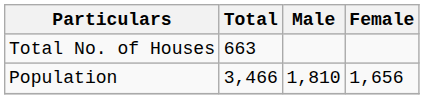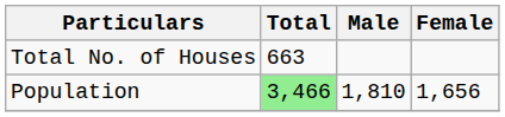 <table class="wikitable sortable">
 <tr>
 <th>Particulars</th>
 <th>Total</th>
 <th>Male</th>
 <th>Female</th>
 </tr>
 <tr>
 <td>Total No. of Houses</td>
 <td>663</td>
 <td></td>
 <td></td>
 </tr>
 <tr>
 <td>Population</td>
-<td>3,466</td>
+<td style="background: lightgreen;">3,466</td>
 <td>1,810</td>
 <td>1,656</td>
 </tr>
 <tr>
 </tr>
 </table>
